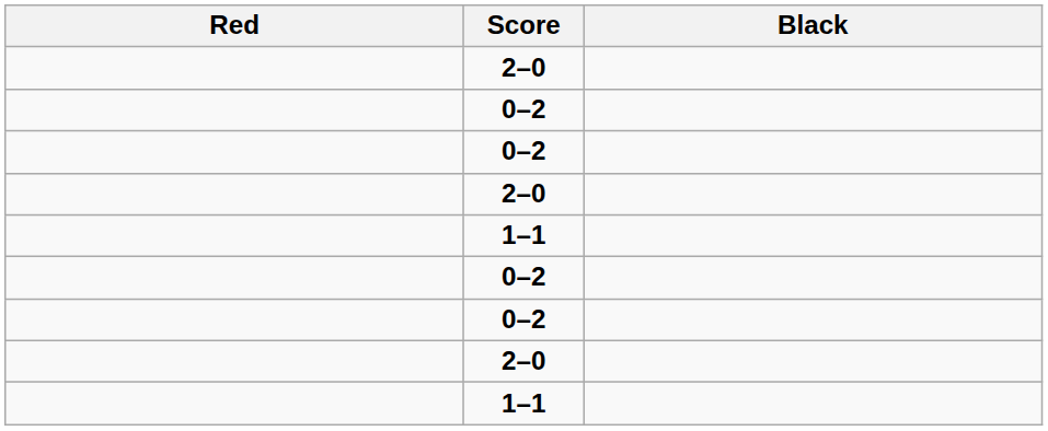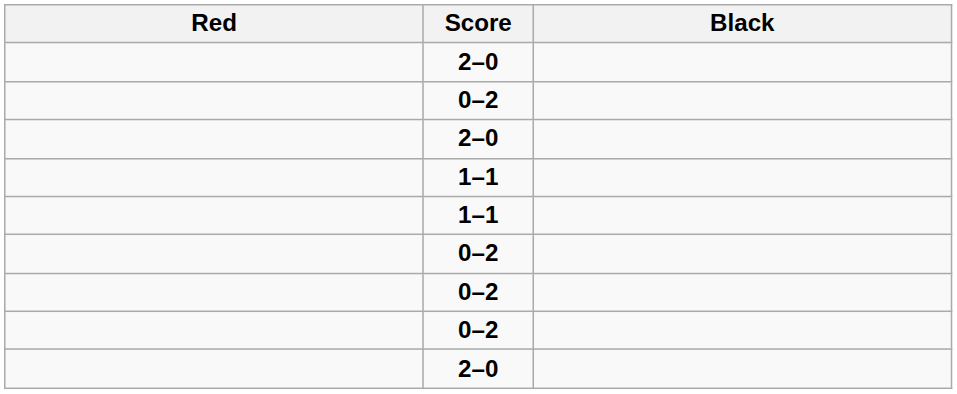 <table class="wikitable" style="text-align: center;">
 <tr>
 <th align="right" width="270">Red</th>
 <th width="65">Score</th>
 <th align="left" width="270">Black</th>
 </tr>
 <tr>
 <td align=left><strong></strong></td>
 <td align=center><strong>2–0</strong></td>
 <td align=left></td>
 </tr>
 <tr>
 <td align=left></td>
 <td align=center><strong>0–2</strong></td>
 <td align=left><strong></strong></td>
 </tr>
 <tr>
 <td align=left><strong></strong></td>
-<td align=center><strong>0–2</strong></td>
+<td align=center><strong>2–0</strong></td>
 <td align=left></td>
 </tr>
 <tr>
 <td align=left><strong></strong></td>
-<td align=center><strong>2–0</strong></td>
+<td align=center><strong>1–1</strong></td>
 <td align=left></td>
 </tr>
 <tr>
 <td align=left></td>
 <td align=center><strong>1–1</strong></td>
 <td align=left></td>
 </tr>
 <tr>
 <td align=left></td>
 <td align=center><strong>0–2</strong></td>
 <td align=left><strong></strong></td>
 </tr>
 <tr>
 <td align=left></td>
 <td align=center><strong>0–2</strong></td>
 <td align=left><strong></strong></td>
 </tr>
 <tr>
 <td align=left></td>
-<td align=center><strong>2–0</strong></td>
+<td align=center><strong>0–2</strong></td>
 <td align=left><strong></strong></td>
 </tr>
 <tr>
 <td align=left></td>
-<td align=center><strong>1–1</strong></td>
+<td align=center><strong>2–0</strong></td>
 <td align=left></td>
 </tr>
 </table>
